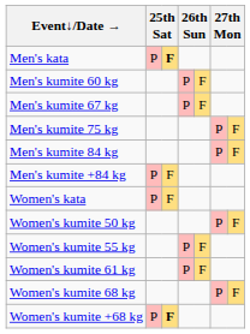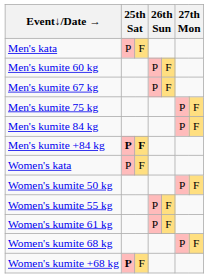 <table class="wikitable" style="margin:0.5em auto; font-size:90%; line-height:1.25em; text-align:center;">
 <tr>
 <th>Event↓/Date →</th>
 <th colspan=2>25th<br>Sat</th>
 <th colspan=2>26th<br>Sun</th>
 <th colspan=2>27th<br>Mon</th>
 </tr>
 <tr>
 <td align="left"><a href='#'>Men's kata</a></td>
 <td bgcolor="#FFBBBB">P</td>
-<td bgcolor="#FFDF80"><strong>F</strong></td>
+<td bgcolor="#FFDF80">F</td>
 <td colspan=2></td>
 <td colspan=2></td>
 </tr>
 <tr>
 <td align="left"><a href='#'>Men's kumite 60 kg</a></td>
 <td colspan=2></td>
 <td bgcolor="#FFBBBB">P</td>
 <td bgcolor="#FFDF80">F</td>
 <td colspan=2></td>
 </tr>
 <tr>
 <td align="left"><a href='#'>Men's kumite 67 kg</a></td>
 <td colspan=2></td>
 <td bgcolor="#FFBBBB">P</td>
 <td bgcolor="#FFDF80">F</td>
 <td colspan=2></td>
 </tr>
 <tr>
 <td align="left"><a href='#'>Men's kumite 75 kg</a></td>
 <td colspan=2></td>
 <td colspan=2></td>
 <td bgcolor="#FFBBBB">P</td>
 <td bgcolor="#FFDF80">F</td>
 </tr>
 <tr>
 <td align="left"><a href='#'>Men's kumite 84 kg</a></td>
 <td colspan=2></td>
 <td colspan=2></td>
 <td bgcolor="#FFBBBB">P</td>
 <td bgcolor="#FFDF80">F</td>
 </tr>
 <tr>
 <td align="left"><a href='#'>Men's kumite +84 kg</a></td>
-<td bgcolor="#FFBBBB">P</td>
-<td bgcolor="#FFDF80">F</td>
+<td bgcolor="#FFBBBB"><strong>P</strong></td>
+<td bgcolor="#FFDF80"><strong>F</strong></td>
 <td colspan=2></td>
 <td colspan=2></td>
 </tr>
 <tr>
 <td align="left"><a href='#'>Women's kata</a></td>
 <td bgcolor="#FFBBBB">P</td>
 <td bgcolor="#FFDF80">F</td>
 <td colspan=2></td>
 <td colspan=2></td>
 </tr>
 <tr>
 <td align="left"><a href='#'>Women's kumite 50 kg</a></td>
 <td colspan=2></td>
 <td colspan=2></td>
 <td bgcolor="#FFBBBB">P</td>
 <td bgcolor="#FFDF80">F</td>
 </tr>
 <tr>
 <td align="left"><a href='#'>Women's kumite 55 kg</a></td>
 <td colspan=2></td>
 <td bgcolor="#FFBBBB">P</td>
 <td bgcolor="#FFDF80">F</td>
 <td colspan=2></td>
 </tr>
 <tr>
 <td align="left"><a href='#'>Women's kumite 61 kg</a></td>
 <td colspan=2></td>
 <td bgcolor="#FFBBBB">P</td>
 <td bgcolor="#FFDF80">F</td>
 <td colspan=2></td>
 </tr>
 <tr>
 <td align="left"><a href='#'>Women's kumite 68 kg</a></td>
 <td colspan=2></td>
 <td colspan=2></td>
 <td bgcolor="#FFBBBB">P</td>
 <td bgcolor="#FFDF80">F</td>
 </tr>
 <tr>
 <td align="left"><a href='#'>Women's kumite +68 kg</a></td>
-<td bgcolor="#FFBBBB">P</td>
-<td bgcolor="#FFDF80"><strong>F</strong></td>
+<td bgcolor="#FFBBBB"><strong>P</strong></td>
+<td bgcolor="#FFDF80">F</td>
 <td colspan=2></td>
 <td colspan=2></td>
 </tr>
 </table>
